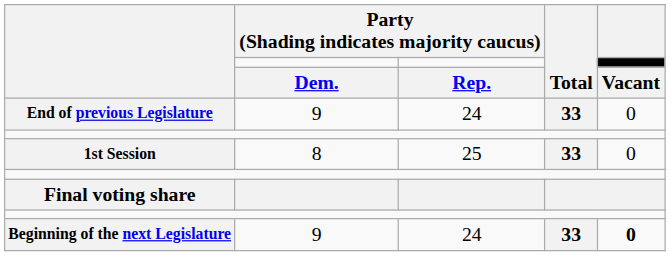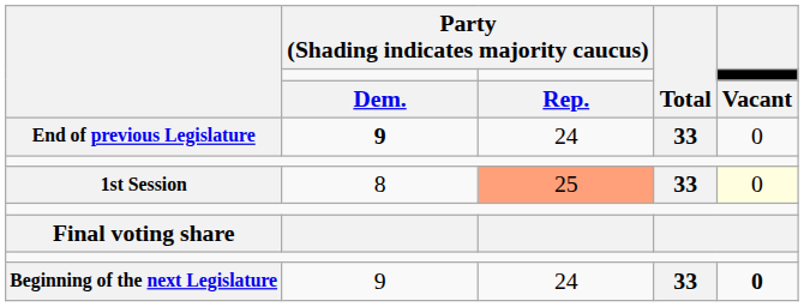 <table class=wikitable style="text-align:center">
 <tr style="vertical-align:bottom;">
 <th rowspan=3></th>
 <th colspan=2>Party <div>(Shading indicates majority caucus)</div></th>
 <th rowspan=3>Total</th>
 <th></th>
 </tr>
 <tr style="height:5px">
 <td style="background-color:"></td>
 <td style="background-color:"></td>
 <td style="background:black;"></td>
 </tr>
 <tr>
 <th><a href='#'>Dem.</a></th>
 <th><a href='#'>Rep.</a></th>
 <th>Vacant</th>
 </tr>
 <tr>
 <th style="font-size:80%;">End of <a href='#'>previous Legislature</a></th>
-<td>9</td>
+<td><strong>9</strong></td>
 <td>24</td>
 <th>33</th>
 <td>0</td>
 </tr>
 <tr>
 <td colspan=6></td>
 </tr>
 <tr>
 <th style="font-size:80%;">1st Session</th>
 <td>8</td>
-<td>25</td>
+<td style="background: lightsalmon;">25</td>
 <th>33</th>
-<td>0</td>
+<td style="background: lightyellow;">0</td>
 </tr>
 <tr>
 <td colspan=6></td>
 </tr>
 <tr>
 <th>Final voting share</th>
 <th></th>
 <th></th>
 <th colspan=2></th>
 </tr>
 <tr>
 <td colspan=6></td>
 </tr>
 <tr>
 <th style="font-size:80%;">Beginning of the <a href='#'>next Legislature</a></th>
 <td>9</td>
 <td>24</td>
 <th>33</th>
 <td><strong>0</strong></td>
 </tr>
 </table>
